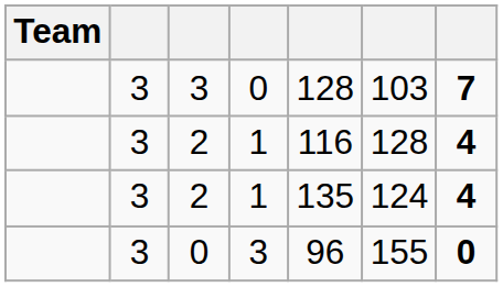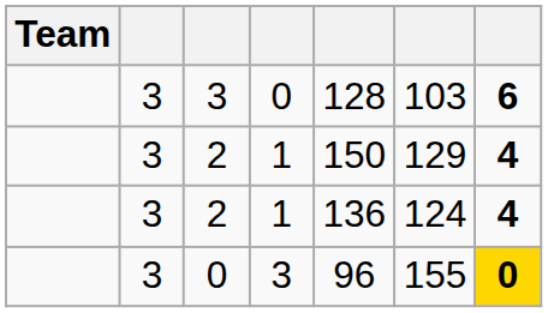 <table class="wikitable" style="text-align:center;">
 <tr>
 <th>Team</th>
 <th width=20></th>
 <th width=20></th>
 <th width=20></th>
 <th width=20></th>
 <th width=20></th>
 <th width=20></th>
 </tr>
 <tr>
 <td align=left></td>
 <td>3</td>
 <td>3</td>
 <td>0</td>
 <td>128</td>
 <td>103</td>
-<td><strong>7</strong></td>
+<td><strong>6</strong></td>
 </tr>
 <tr>
 <td align=left></td>
 <td>3</td>
 <td>2</td>
 <td>1</td>
-<td>116</td>
-<td>128</td>
+<td>150</td>
+<td>129</td>
 <td><strong>4</strong></td>
 </tr>
 <tr>
 <td align=left></td>
 <td>3</td>
 <td>2</td>
 <td>1</td>
-<td>135</td>
+<td>136</td>
 <td>124</td>
 <td><strong>4</strong></td>
 </tr>
 <tr>
 <td align=left></td>
 <td>3</td>
 <td>0</td>
 <td>3</td>
 <td>96</td>
 <td>155</td>
-<td><strong>0</strong></td>
+<td style="background: gold;"><strong>0</strong></td>
 </tr>
 </table>
